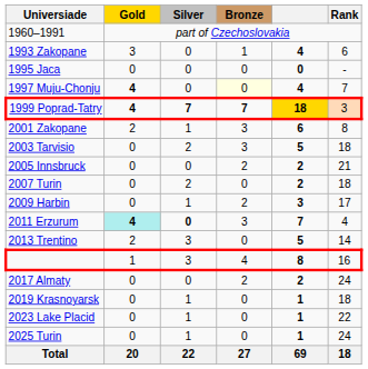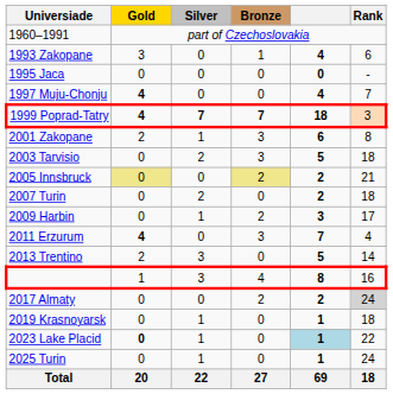 <table class="wikitable" style="text-align:center; font-size:80%;">
 <tr>
 <th>Universiade</th>
 <td style="background:gold; width:4.5em; font-weight:bold;">Gold<br></td>
 <td style="background:silver; width:4.5em; font-weight:bold;">Silver<br></td>
 <td style="background:#cc9966; width:4.5em; font-weight:bold;">Bronze<br></td>
 <th style="width:4.5em; font-weight:bold;"></th>
 <th>Rank</th>
 </tr>
 <tr>
 <td align=left>1960–1991</td>
 <td colspan=5><em>part of  <a href='#'>Czechoslovakia</a></em></td>
 </tr>
 <tr>
 <td align=left> <a href='#'>1993 Zakopane</a></td>
 <td>3</td>
 <td>0</td>
 <td>1</td>
 <td><strong>4</strong></td>
 <td>6</td>
 </tr>
 <tr>
 <td align=left> <a href='#'>1995 Jaca</a></td>
 <td>0</td>
 <td>0</td>
 <td>0</td>
 <td><strong>0</strong></td>
 <td>-</td>
 </tr>
 <tr>
 <td align=left> <a href='#'>1997 Muju-Chonju</a></td>
 <td><strong>4</strong></td>
 <td>0</td>
-<td style="background: lightyellow;">0</td>
+<td>0</td>
 <td><strong>4</strong></td>
 <td>7</td>
 </tr>
 <tr style="border: 3px solid red">
 <td align=left> <a href='#'>1999 Poprad-Tatry</a></td>
 <td><strong>4</strong></td>
 <td><strong>7</strong></td>
 <td><strong>7</strong></td>
-<td style="background: gold;"><strong>18</strong></td>
+<td><strong>18</strong></td>
 <td style="background:#ffdab9;">3</td>
 </tr>
 <tr>
 <td align=left> <a href='#'>2001 Zakopane</a></td>
 <td>2</td>
 <td>1</td>
 <td>3</td>
 <td><strong>6</strong></td>
 <td>8</td>
 </tr>
 <tr>
 <td align=left> <a href='#'>2003 Tarvisio</a></td>
 <td>0</td>
 <td>2</td>
 <td>3</td>
 <td><strong>5</strong></td>
 <td>18</td>
 </tr>
 <tr>
 <td align=left> <a href='#'>2005 Innsbruck</a></td>
+<td style="background: khaki;">0</td>
 <td>0</td>
-<td>0</td>
-<td>2</td>
+<td style="background: khaki;">2</td>
 <td><strong>2</strong></td>
 <td>21</td>
 </tr>
 <tr>
 <td align=left> <a href='#'>2007 Turin</a></td>
 <td>0</td>
 <td>2</td>
 <td>0</td>
 <td><strong>2</strong></td>
 <td>18</td>
 </tr>
 <tr>
 <td align=left> <a href='#'>2009 Harbin</a></td>
 <td>0</td>
 <td>1</td>
 <td>2</td>
 <td><strong>3</strong></td>
 <td>17</td>
 </tr>
 <tr>
 <td align=left> <a href='#'>2011 Erzurum</a></td>
-<td style="background: paleturquoise;"><strong>4</strong></td>
-<td><strong>0</strong></td>
+<td><strong>4</strong></td>
+<td>0</td>
 <td>3</td>
 <td><strong>7</strong></td>
 <td>4</td>
 </tr>
 <tr>
 <td align=left> <a href='#'>2013 Trentino</a></td>
 <td>2</td>
 <td>3</td>
 <td>0</td>
 <td><strong>5</strong></td>
 <td>14</td>
 </tr>
 <tr style="border: 3px solid red">
 <td align=left></td>
 <td>1</td>
 <td>3</td>
 <td>4</td>
 <td><strong>8</strong></td>
 <td>16</td>
 </tr>
 <tr>
 <td align=left> <a href='#'>2017 Almaty</a></td>
 <td>0</td>
 <td>0</td>
 <td>2</td>
 <td><strong>2</strong></td>
-<td>24</td>
+<td style="background: lightgrey;">24</td>
 </tr>
 <tr>
 <td align=left> <a href='#'>2019 Krasnoyarsk</a></td>
 <td>0</td>
 <td>1</td>
 <td>0</td>
 <td><strong>1</strong></td>
 <td>18</td>
 </tr>
 <tr>
 <td align=left> <a href='#'>2023 Lake Placid</a></td>
-<td>0</td>
+<td><strong>0</strong></td>
 <td>1</td>
 <td>0</td>
-<td><strong>1</strong></td>
+<td style="background: lightblue;"><strong>1</strong></td>
 <td>22</td>
 </tr>
 <tr>
 <td align=left> <a href='#'>2025 Turin</a></td>
 <td>0</td>
 <td>1</td>
 <td>0</td>
 <td><strong>1</strong></td>
 <td>24</td>
 </tr>
 <tr>
 <th>Total</th>
 <th>20</th>
 <th>22</th>
 <th>27</th>
 <th>69</th>
 <th>18</th>
 </tr>
 </table>
